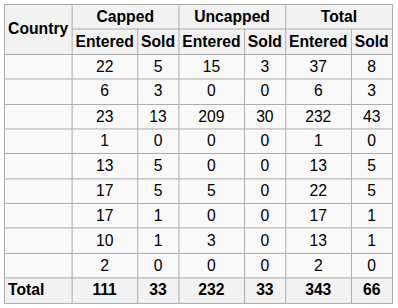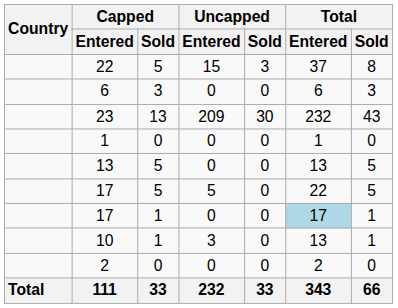 <table class="wikitable" style="text-align:center">
 <tr>
 <th rowspan="2">Country</th>
 <th colspan="2">Capped</th>
 <th colspan="2">Uncapped</th>
 <th colspan="2">Total</th>
 </tr>
 <tr>
 <th>Entered</th>
 <th>Sold</th>
 <th>Entered</th>
 <th>Sold</th>
 <th>Entered</th>
 <th>Sold</th>
 </tr>
 <tr>
 <td style="text-align:left"></td>
 <td>22</td>
 <td>5</td>
 <td>15</td>
 <td>3</td>
 <td>37</td>
 <td>8</td>
 </tr>
 <tr>
 <td style="text-align:left"></td>
 <td>6</td>
 <td>3</td>
 <td>0</td>
 <td>0</td>
 <td>6</td>
 <td>3</td>
 </tr>
 <tr>
 <td style="text-align:left"></td>
 <td>23</td>
 <td>13</td>
 <td>209</td>
 <td>30</td>
 <td>232</td>
 <td>43</td>
 </tr>
 <tr>
 <td style="text-align:left"></td>
 <td>1</td>
 <td>0</td>
 <td>0</td>
 <td>0</td>
 <td>1</td>
 <td>0</td>
 </tr>
 <tr>
 <td style="text-align:left"></td>
 <td>13</td>
 <td>5</td>
 <td>0</td>
 <td>0</td>
 <td>13</td>
 <td>5</td>
 </tr>
 <tr>
 <td style="text-align:left"></td>
 <td>17</td>
 <td>5</td>
 <td>5</td>
 <td>0</td>
 <td>22</td>
 <td>5</td>
 </tr>
 <tr>
 <td style="text-align:left"></td>
 <td>17</td>
 <td>1</td>
 <td>0</td>
 <td>0</td>
-<td>17</td>
+<td style="background: lightblue;">17</td>
 <td>1</td>
 </tr>
 <tr>
 <td style="text-align:left"></td>
 <td>10</td>
 <td>1</td>
 <td>3</td>
 <td>0</td>
 <td>13</td>
 <td>1</td>
 </tr>
 <tr>
 <td style="text-align:left"></td>
 <td>2</td>
 <td>0</td>
 <td>0</td>
 <td>0</td>
 <td>2</td>
 <td>0</td>
 </tr>
 <tr>
 <th style="text-align:left">Total</th>
 <th>111</th>
 <th>33</th>
 <th>232</th>
 <th>33</th>
 <th>343</th>
 <th>66</th>
 </tr>
 </table>
